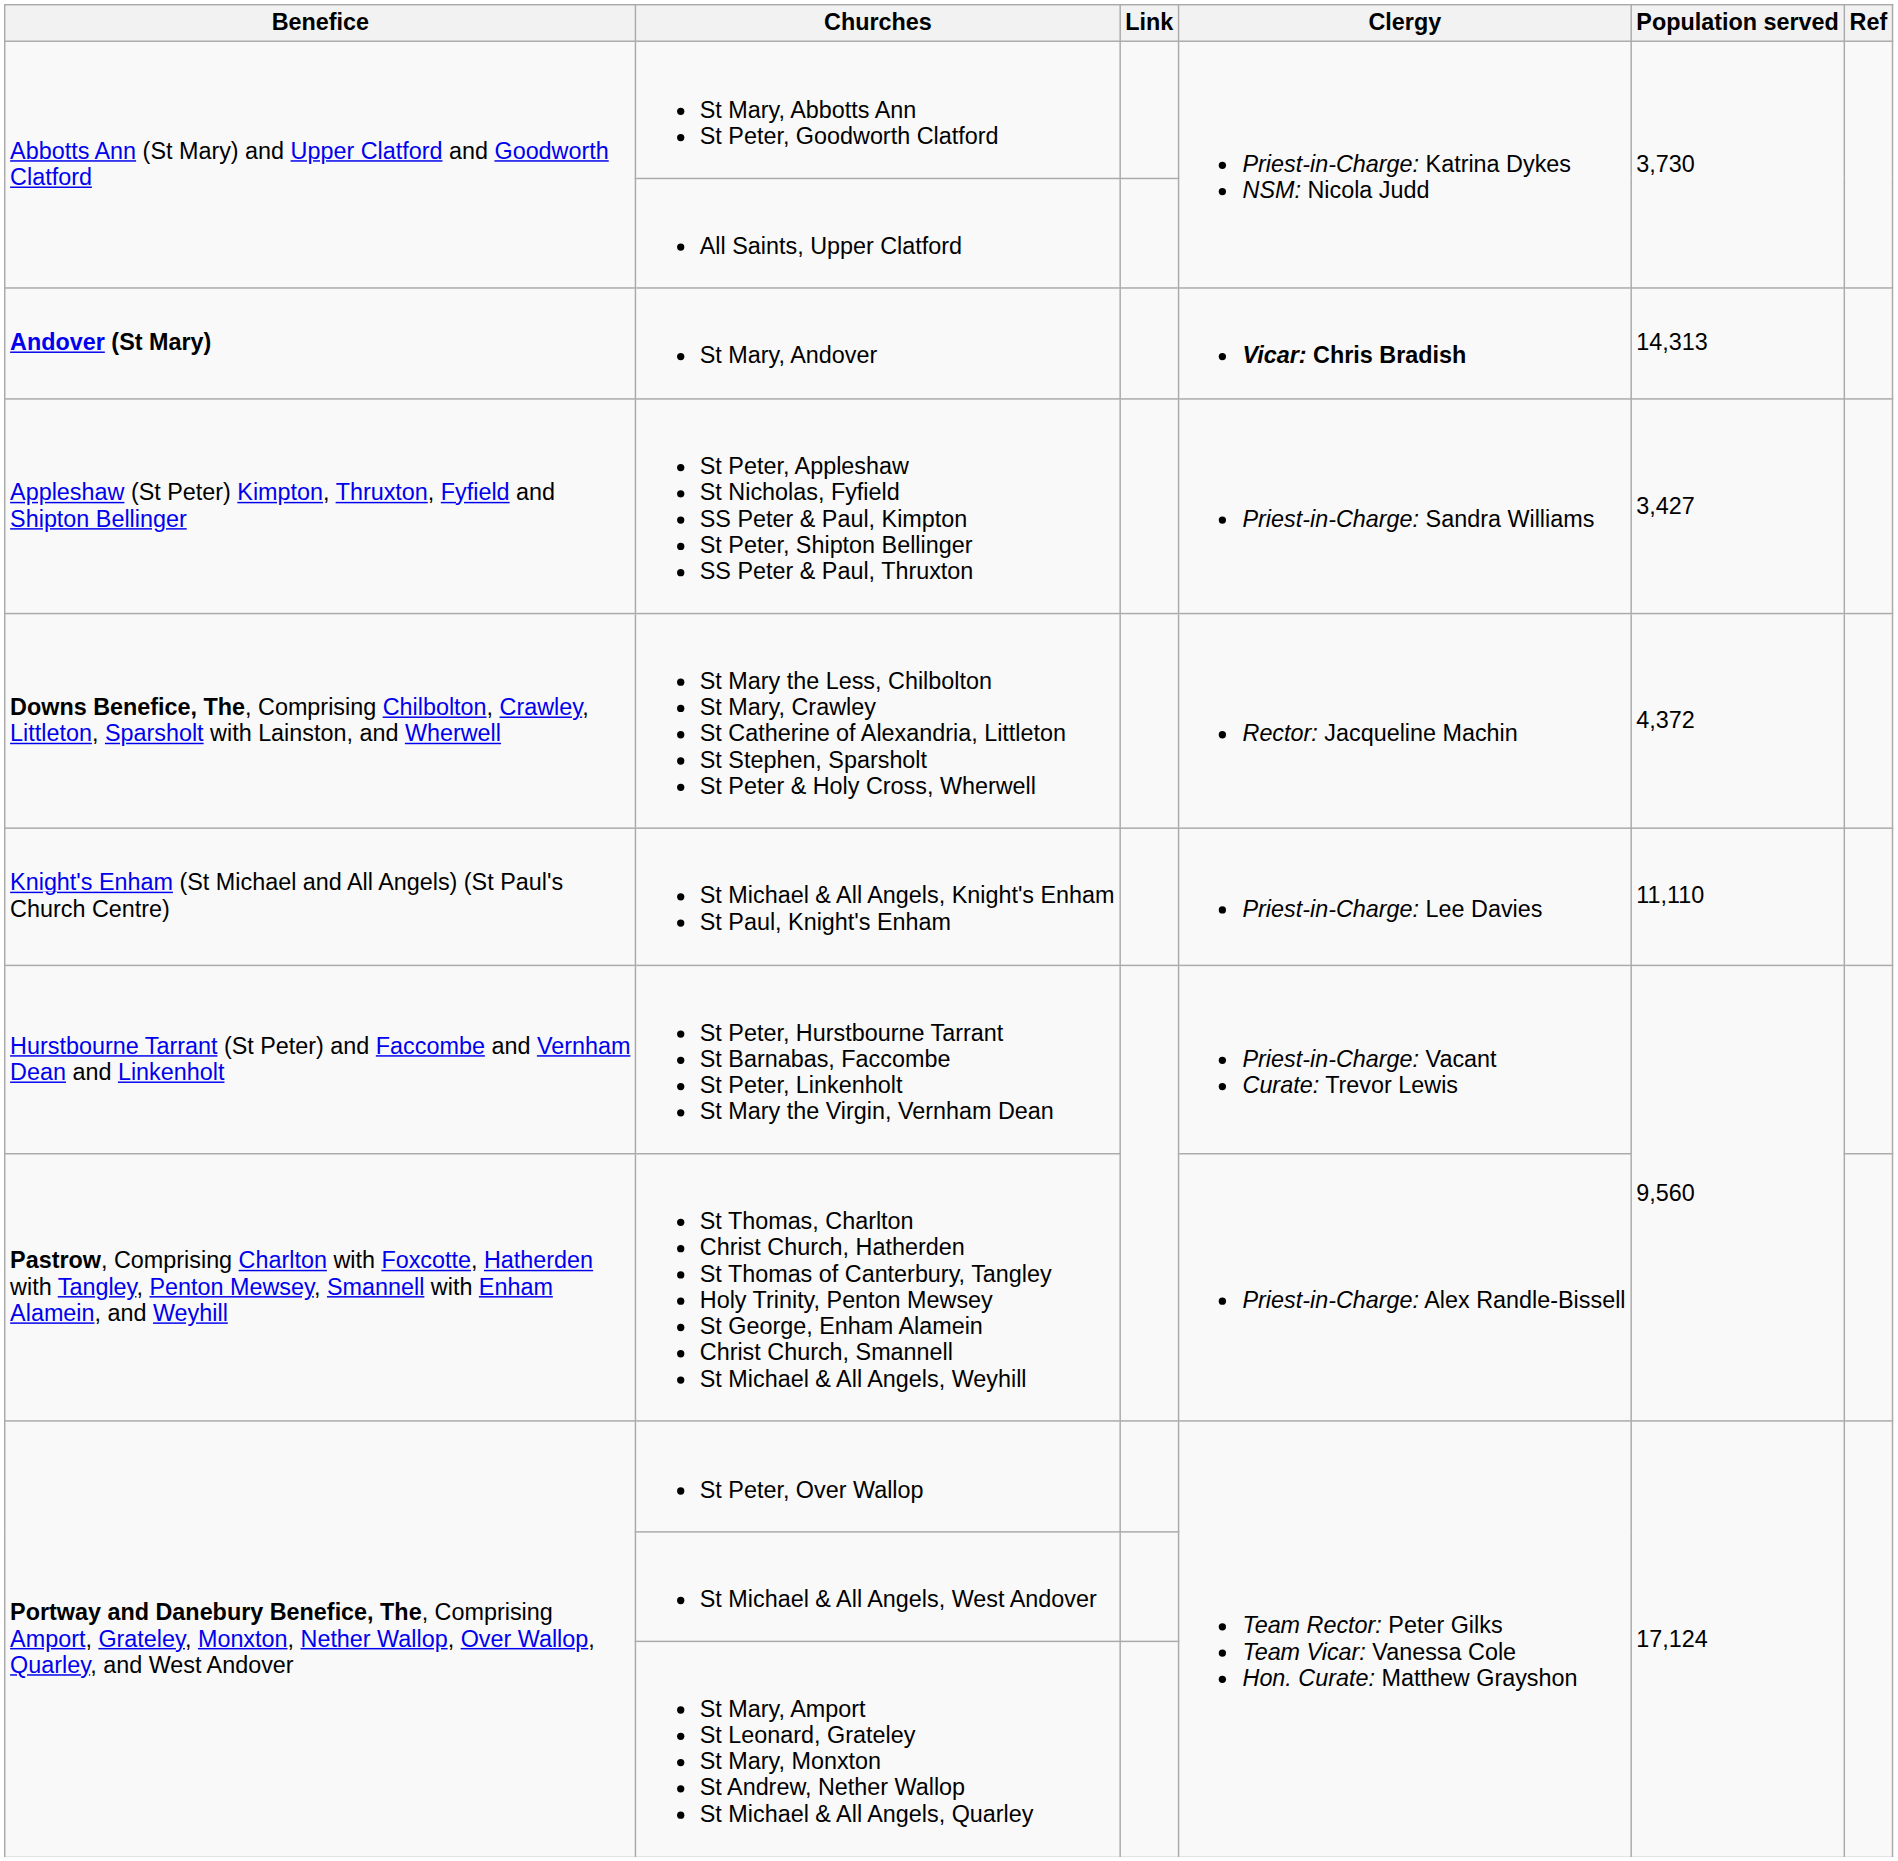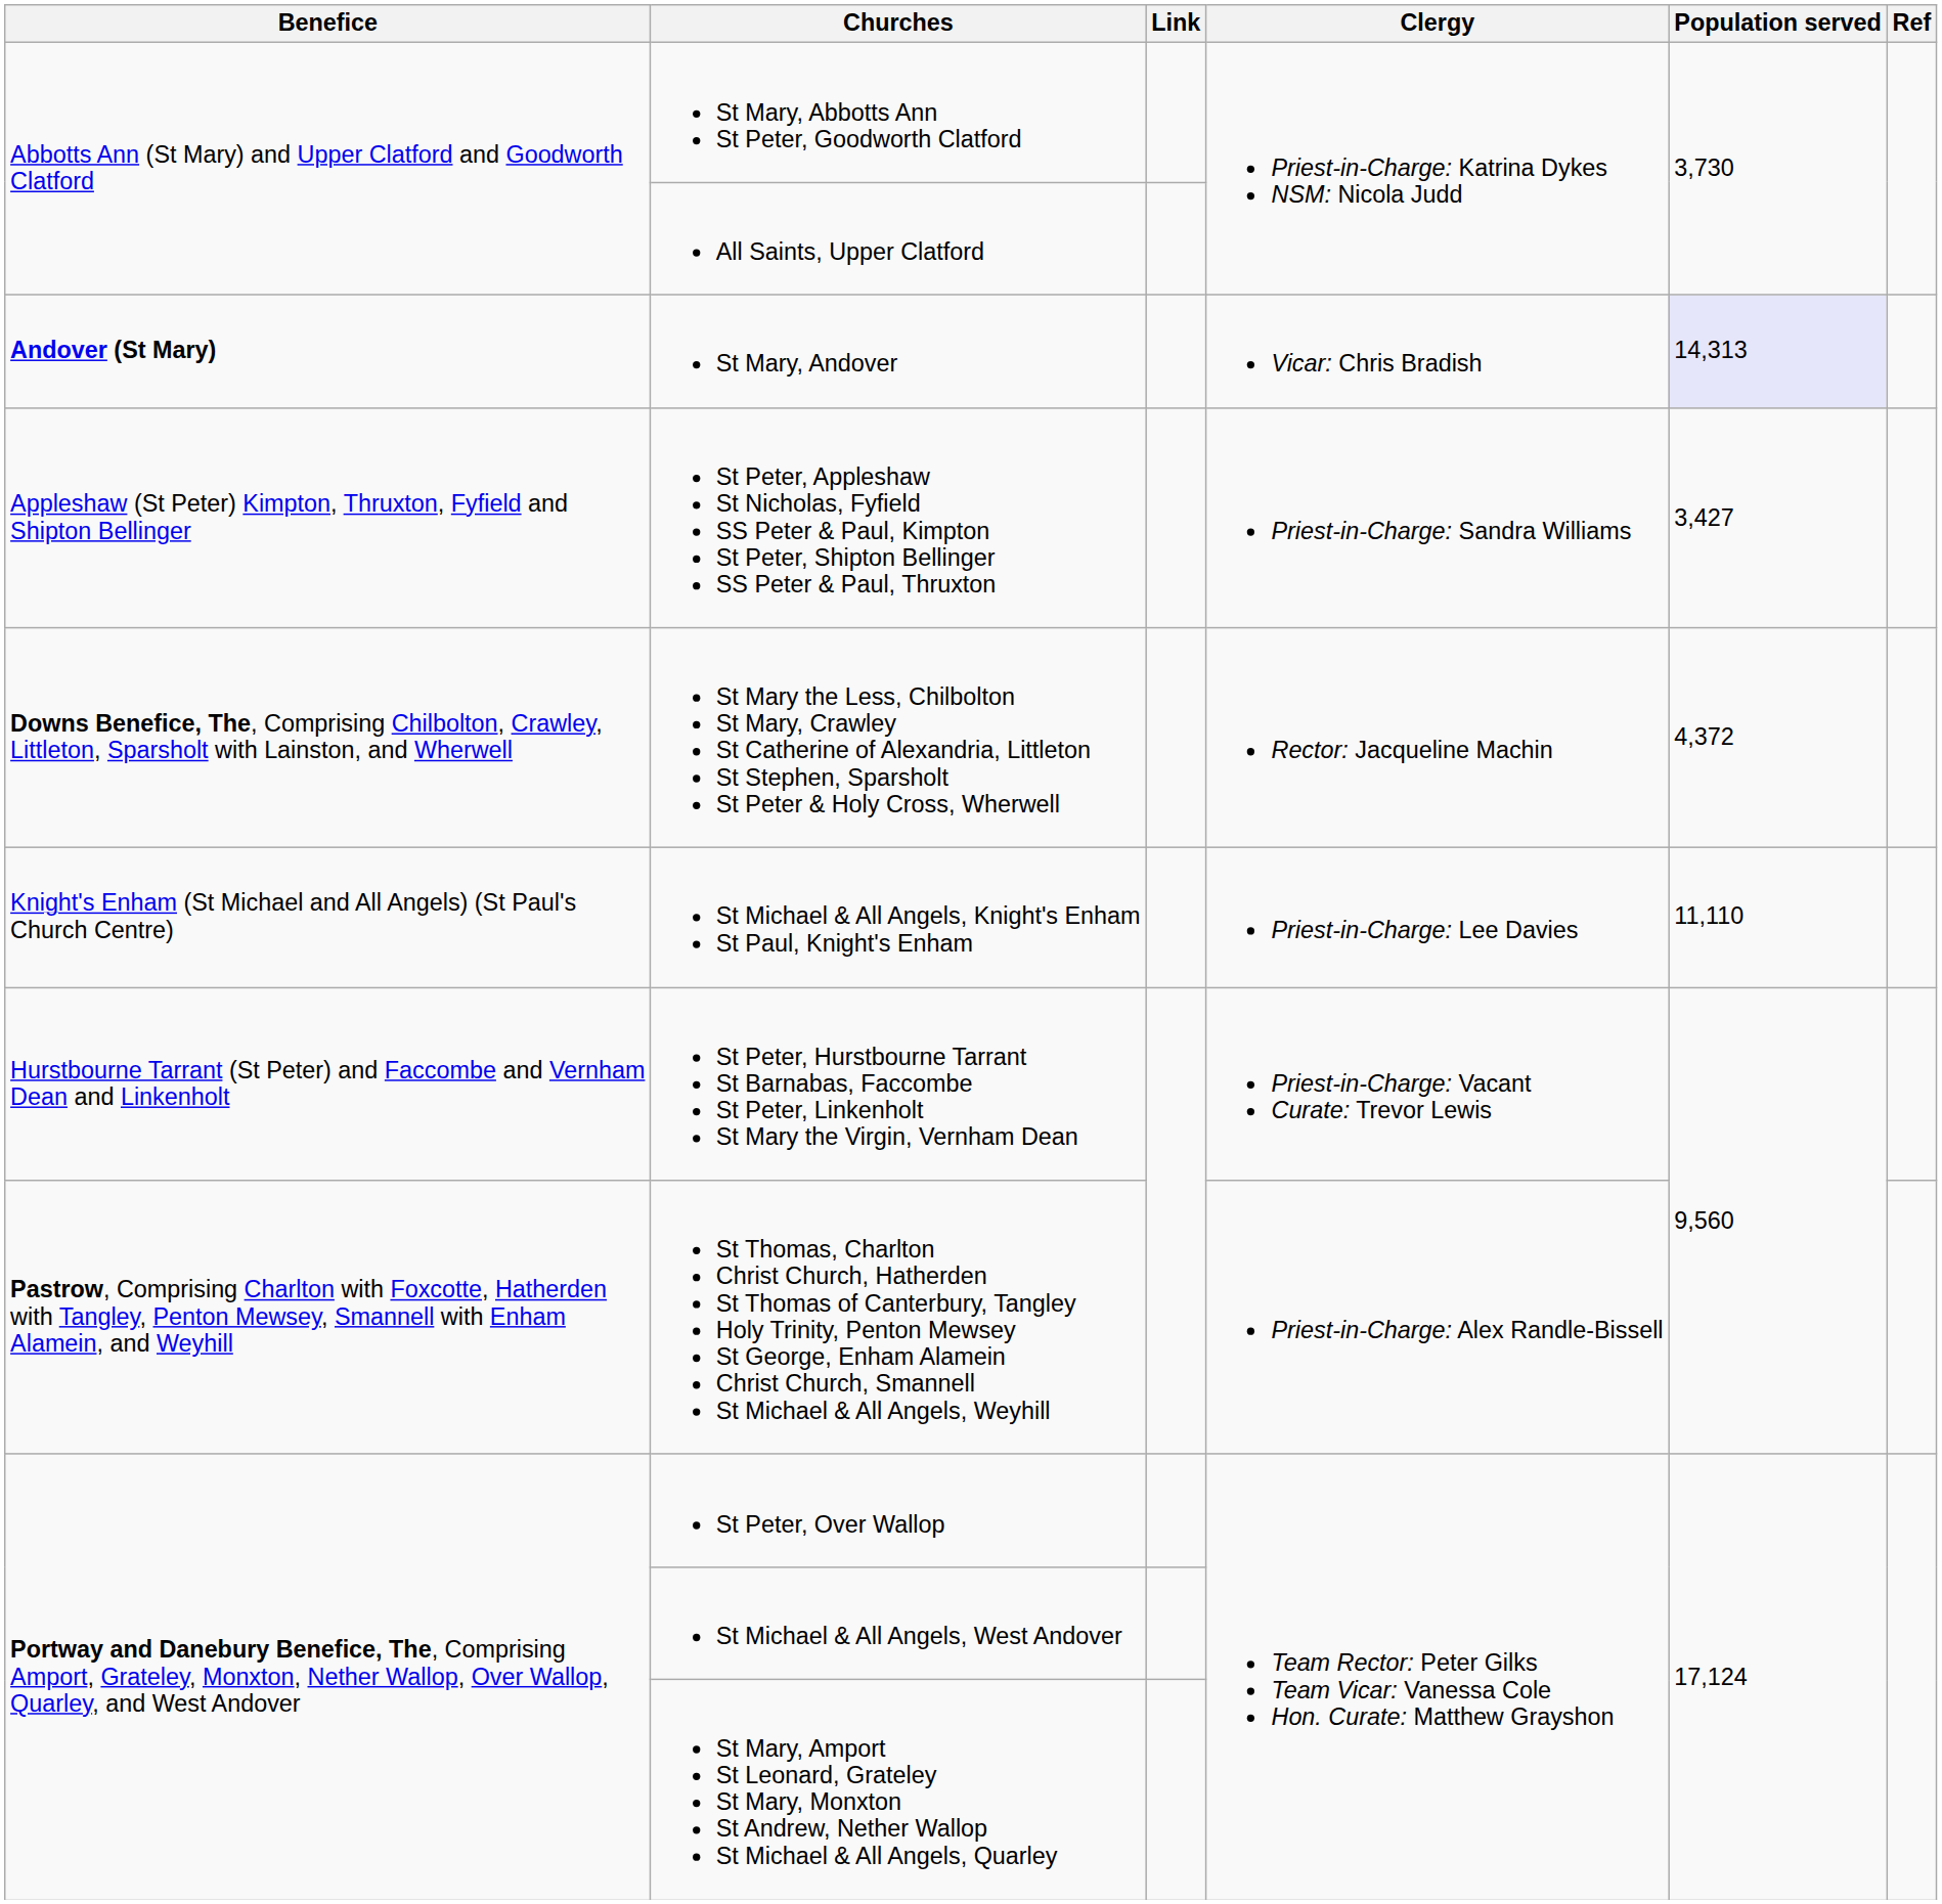 <table class="wikitable">
 <tr>
 <th style="width:425px;">Benefice</th>
 <th>Churches</th>
 <th>Link</th>
 <th>Clergy</th>
 <th>Population served</th>
 <th>Ref</th>
 </tr>
 <tr>
 <td rowspan="2"><a href='#'>Abbotts Ann</a> (St Mary) and <a href='#'>Upper Clatford</a> and <a href='#'>Goodworth Clatford</a></td>
 <td><br><ul><li>St Mary, Abbotts Ann</li><li>St Peter, Goodworth Clatford</li></ul></td>
 <td></td>
 <td rowspan="2"><br><ul><li><em>Priest-in-Charge:</em> Katrina Dykes</li><li><em>NSM:</em> Nicola Judd</li></ul></td>
 <td rowspan="2">3,730</td>
 <td rowspan="2"></td>
 </tr>
 <tr>
 <td><br><ul><li>All Saints, Upper Clatford</li></ul></td>
 <td></td>
 </tr>
 <tr>
 <td><strong><a href='#'>Andover</a> (St Mary)</strong></td>
 <td><br><ul><li>St Mary, Andover</li></ul></td>
 <td></td>
-<td><strong><br><ul><li><em>Vicar:</em> Chris Bradish</li></ul></strong></td>
-<td>14,313</td>
+<td><br><ul><li><em>Vicar:</em> Chris Bradish</li></ul></td>
+<td style="background: lavender;">14,313</td>
 <td></td>
 </tr>
 <tr>
 <td><a href='#'>Appleshaw</a> (St Peter) <a href='#'>Kimpton</a>, <a href='#'>Thruxton</a>, <a href='#'>Fyfield</a> and <a href='#'>Shipton Bellinger</a></td>
 <td><br><ul><li>St Peter, Appleshaw</li><li>St Nicholas, Fyfield</li><li>SS Peter & Paul, Kimpton</li><li>St Peter, Shipton Bellinger</li><li>SS Peter & Paul, Thruxton</li></ul></td>
 <td></td>
 <td><br><ul><li><em>Priest-in-Charge:</em> Sandra Williams</li></ul></td>
 <td>3,427</td>
 <td></td>
 </tr>
 <tr>
 <td><strong>Downs Benefice, The</strong>, Comprising <a href='#'>Chilbolton</a>, <a href='#'>Crawley</a>, <a href='#'>Littleton</a>, <a href='#'>Sparsholt</a> with Lainston, and <a href='#'>Wherwell</a></td>
 <td><br><ul><li>St Mary the Less, Chilbolton</li><li>St Mary, Crawley</li><li>St Catherine of Alexandria, Littleton</li><li>St Stephen, Sparsholt</li><li>St Peter & Holy Cross, Wherwell</li></ul></td>
 <td></td>
 <td><br><ul><li><em>Rector:</em> Jacqueline Machin</li></ul></td>
 <td>4,372</td>
 <td></td>
 </tr>
 <tr>
 <td><a href='#'>Knight's Enham</a> (St Michael and All Angels) (St Paul's Church Centre)</td>
 <td><br><ul><li>St Michael & All Angels, Knight's Enham</li><li>St Paul, Knight's Enham</li></ul></td>
 <td></td>
 <td><br><ul><li><em>Priest-in-Charge:</em> Lee Davies</li></ul></td>
 <td>11,110</td>
 <td></td>
 </tr>
 <tr>
 <td><a href='#'>Hurstbourne Tarrant</a> (St Peter) and <a href='#'>Faccombe</a> and <a href='#'>Vernham Dean</a> and <a href='#'>Linkenholt</a></td>
 <td><br><ul><li>St Peter, Hurstbourne Tarrant</li><li>St Barnabas, Faccombe</li><li>St Peter, Linkenholt</li><li>St Mary the Virgin, Vernham Dean</li></ul></td>
 <td rowspan="2"></td>
 <td><br><ul><li><em>Priest-in-Charge:</em> Vacant</li><li><em>Curate:</em> Trevor Lewis</li></ul></td>
 <td rowspan="2">9,560</td>
 <td></td>
 </tr>
 <tr>
 <td><strong>Pastrow</strong>, Comprising <a href='#'>Charlton</a> with <a href='#'>Foxcotte</a>, <a href='#'>Hatherden</a> with <a href='#'>Tangley</a>, <a href='#'>Penton Mewsey</a>, <a href='#'>Smannell</a> with <a href='#'>Enham Alamein</a>, and <a href='#'>Weyhill</a></td>
 <td><br><ul><li>St Thomas, Charlton</li><li>Christ Church, Hatherden</li><li>St Thomas of Canterbury, Tangley</li><li>Holy Trinity, Penton Mewsey</li><li>St George, Enham Alamein</li><li>Christ Church, Smannell</li><li>St Michael & All Angels, Weyhill</li></ul></td>
 <td><br><ul><li><em>Priest-in-Charge:</em> Alex Randle-Bissell</li></ul></td>
 <td></td>
 </tr>
 <tr>
 <td rowspan="3"><strong>Portway and Danebury Benefice, The</strong>, Comprising <a href='#'>Amport</a>, <a href='#'>Grateley</a>, <a href='#'>Monxton</a>, <a href='#'>Nether Wallop</a>, <a href='#'>Over Wallop</a>, <a href='#'>Quarley</a>, and West Andover</td>
 <td><br><ul><li>St Peter, Over Wallop</li></ul></td>
 <td></td>
 <td rowspan="3"><br><ul><li><em>Team Rector:</em> Peter Gilks</li><li><em>Team Vicar:</em> Vanessa Cole</li><li><em>Hon. Curate:</em> Matthew Grayshon</li></ul></td>
 <td rowspan="3">17,124</td>
 <td rowspan="3"></td>
 </tr>
 <tr>
 <td><br><ul><li>St Michael & All Angels, West Andover</li></ul></td>
 <td> </td>
 </tr>
 <tr>
 <td><br><ul><li>St Mary, Amport</li><li>St Leonard, Grateley</li><li>St Mary, Monxton</li><li>St Andrew, Nether Wallop</li><li>St Michael & All Angels, Quarley</li></ul></td>
 <td></td>
 </tr>
 </table>
